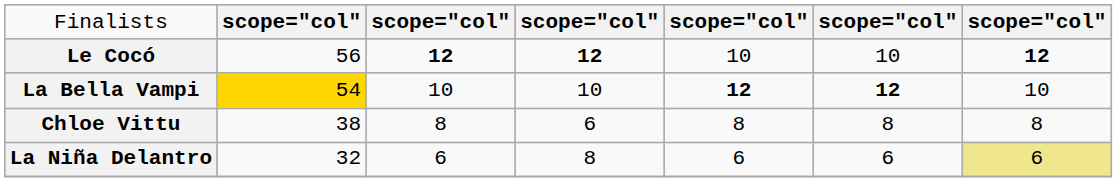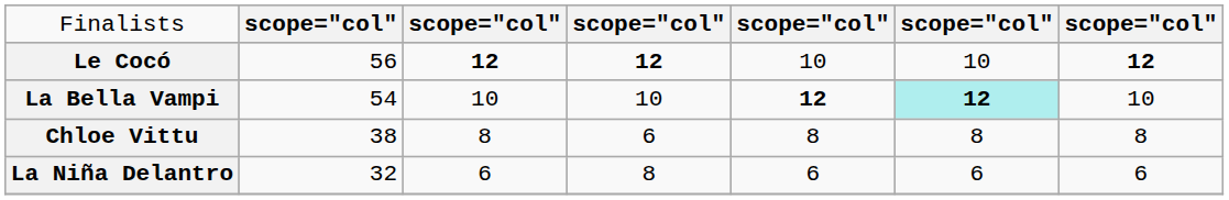 <table class="wikitable plainrowheaders" style="text-align: center;">
 <tr>
 <td>Finalists</td>
 <th>scope="col" </th>
 <th>scope="col" </th>
 <th>scope="col" </th>
 <th>scope="col" </th>
 <th>scope="col" </th>
 <th>scope="col" </th>
 </tr>
 <tr>
 <th scope="row">Le Cocó</th>
 <td style="text-align: right;">56</td>
 <td><strong>12</strong></td>
 <td><strong>12</strong></td>
 <td>10</td>
 <td>10</td>
 <td><strong>12</strong></td>
 </tr>
 <tr>
 <th scope="row">La Bella Vampi</th>
-<td style="background: gold; text-align: right;">54</td>
+<td style="text-align: right;">54</td>
 <td>10</td>
 <td>10</td>
 <td><strong>12</strong></td>
-<td><strong>12</strong></td>
+<td style="background: paleturquoise;"><strong>12</strong></td>
 <td>10</td>
 </tr>
 <tr>
 <th scope="row">Chloe Vittu</th>
 <td style="text-align: right;">38</td>
 <td>8</td>
 <td>6</td>
 <td>8</td>
 <td>8</td>
 <td>8</td>
 </tr>
 <tr>
 <th scope="row">La Niña Delantro</th>
 <td style="text-align: right;">32</td>
 <td>6</td>
 <td>8</td>
 <td>6</td>
 <td>6</td>
-<td style="background: khaki;">6</td>
+<td>6</td>
 </tr>
 <tr>
 </tr>
 </table>
